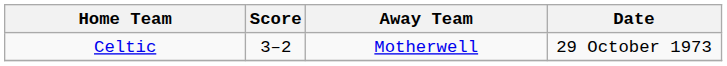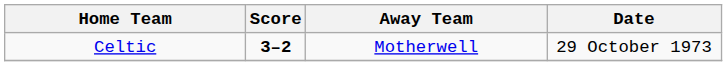 <table class="wikitable" style="text-align:center;">
 <tr>
 <th width=175>Home Team</th>
 <th width=20>Score</th>
 <th width=175>Away Team</th>
 <th width= 125>Date</th>
 </tr>
 <tr>
 <td><a href='#'>Celtic</a></td>
-<td>3–2</td>
+<td><strong>3–2</strong></td>
 <td><a href='#'>Motherwell</a></td>
 <td>29 October 1973</td>
 </tr>
 <tr>
 </tr>
 </table>
